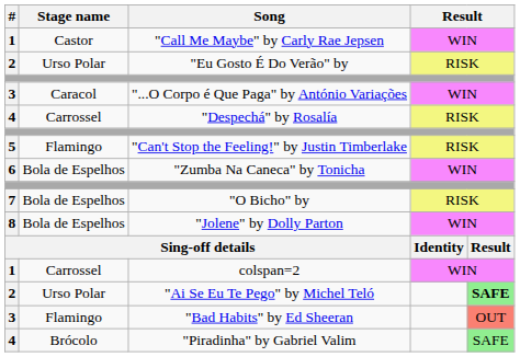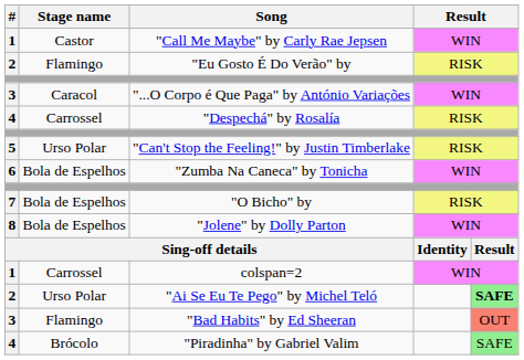 <table class="wikitable plainrowheaders" style="text-align: center;">
 <tr>
 <th>#</th>
 <th>Stage name</th>
 <th>Song</th>
 <th colspan=2>Result</th>
 </tr>
 <tr>
 <th>1</th>
 <td>Castor</td>
 <td>"<a href='#'>Call Me Maybe</a>" by <a href='#'>Carly Rae Jepsen</a></td>
 <td colspan=2 bgcolor="#F888FD">WIN</td>
 </tr>
 <tr>
 <th>2</th>
-<td>Urso Polar</td>
+<td>Flamingo</td>
 <td>"Eu Gosto É Do Verão" by </td>
 <td colspan=2 bgcolor="#F3F781">RISK</td>
 </tr>
 <tr>
 <td colspan="5" style="background:darkgray"></td>
 </tr>
 <tr>
 <th>3</th>
 <td>Caracol</td>
 <td>"...O Corpo é Que Paga" by <a href='#'>António Variações</a></td>
 <td colspan=2 bgcolor="#F888FD">WIN</td>
 </tr>
 <tr>
 <th>4</th>
 <td>Carrossel</td>
 <td>"<a href='#'>Despechá</a>" by <a href='#'>Rosalía</a></td>
 <td colspan=2 bgcolor="#F3F781">RISK</td>
 </tr>
 <tr>
 <td colspan="5" style="background:darkgray"></td>
 </tr>
 <tr>
 <th>5</th>
-<td>Flamingo</td>
+<td>Urso Polar</td>
 <td>"<a href='#'>Can't Stop the Feeling!</a>" by <a href='#'>Justin Timberlake</a></td>
 <td colspan=2 bgcolor="#F3F781">RISK</td>
 </tr>
 <tr>
 <th>6</th>
 <td>Bola de Espelhos</td>
 <td>"Zumba Na Caneca" by <a href='#'>Tonicha</a></td>
 <td colspan=2 bgcolor="#F888FD">WIN</td>
 </tr>
 <tr>
 <td colspan="5" style="background:darkgray"></td>
 </tr>
 <tr>
 <th>7</th>
 <td>Bola de Espelhos</td>
 <td>"O Bicho" by </td>
 <td colspan=2 bgcolor="#F3F781">RISK</td>
 </tr>
 <tr>
 <th>8</th>
 <td>Bola de Espelhos</td>
 <td>"<a href='#'>Jolene</a>" by <a href='#'>Dolly Parton</a></td>
 <td colspan=2 bgcolor="#F888FD">WIN</td>
 </tr>
 <tr>
 <th colspan="3">Sing-off details</th>
 <th>Identity</th>
 <th>Result</th>
 </tr>
 <tr>
 <th>1</th>
 <td>Carrossel</td>
 <td>colspan=2 </td>
 <td colspan=2 bgcolor="#F888FD">WIN</td>
 </tr>
 <tr>
 <th>2</th>
 <td>Urso Polar</td>
 <td>"<a href='#'>Ai Se Eu Te Pego</a>" by <a href='#'>Michel Teló</a></td>
 <td></td>
 <td bgcolor=lightgreen><strong>SAFE</strong></td>
 </tr>
 <tr>
 <th>3</th>
 <td>Flamingo</td>
 <td>"<a href='#'>Bad Habits</a>" by <a href='#'>Ed Sheeran</a></td>
 <td Marco Horácio></td>
 <td bgcolor="salmon">OUT</td>
 </tr>
 <tr>
 <th>4</th>
 <td>Brócolo</td>
 <td>"Piradinha" by Gabriel Valim</td>
 <td></td>
 <td bgcolor=lightgreen>SAFE</td>
 </tr>
 </table>
